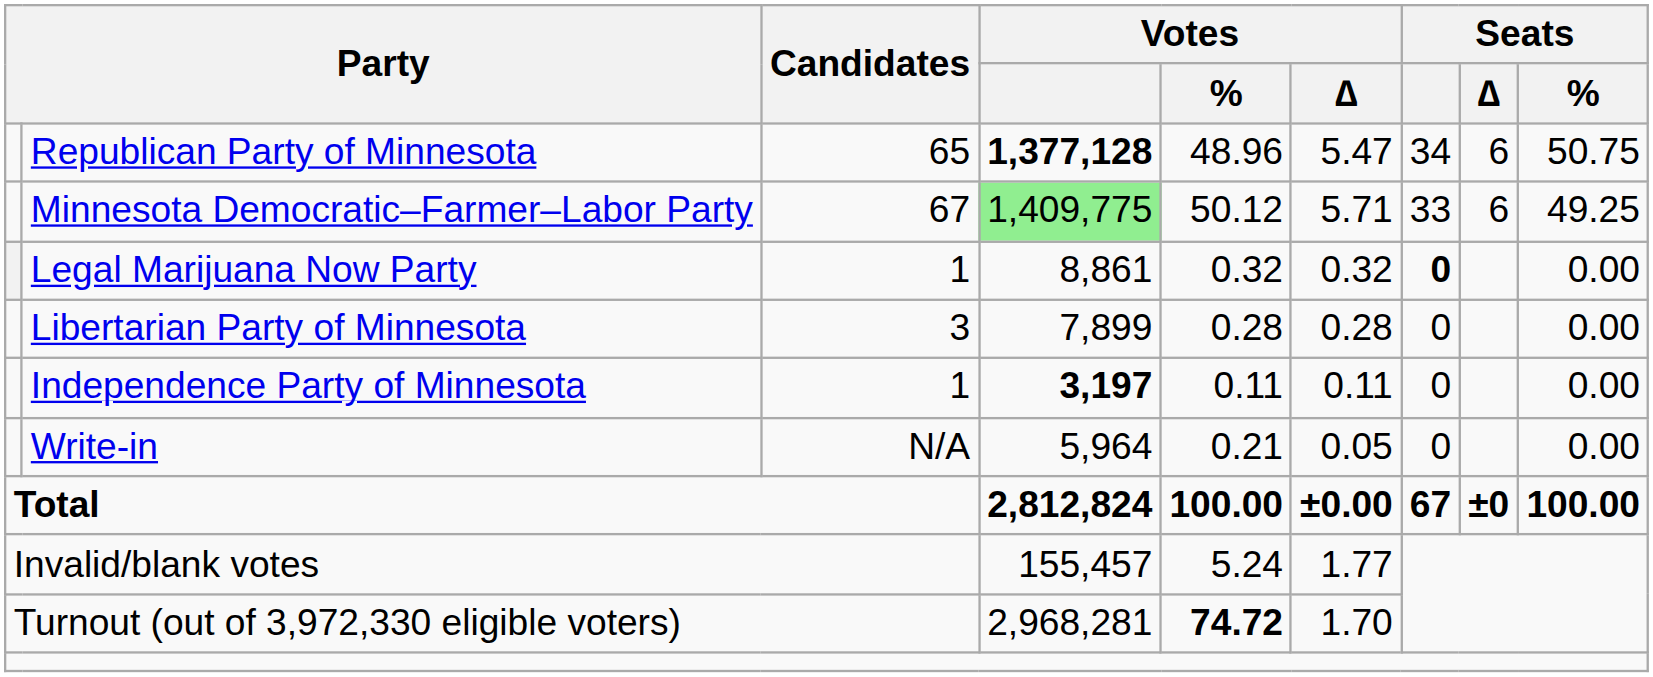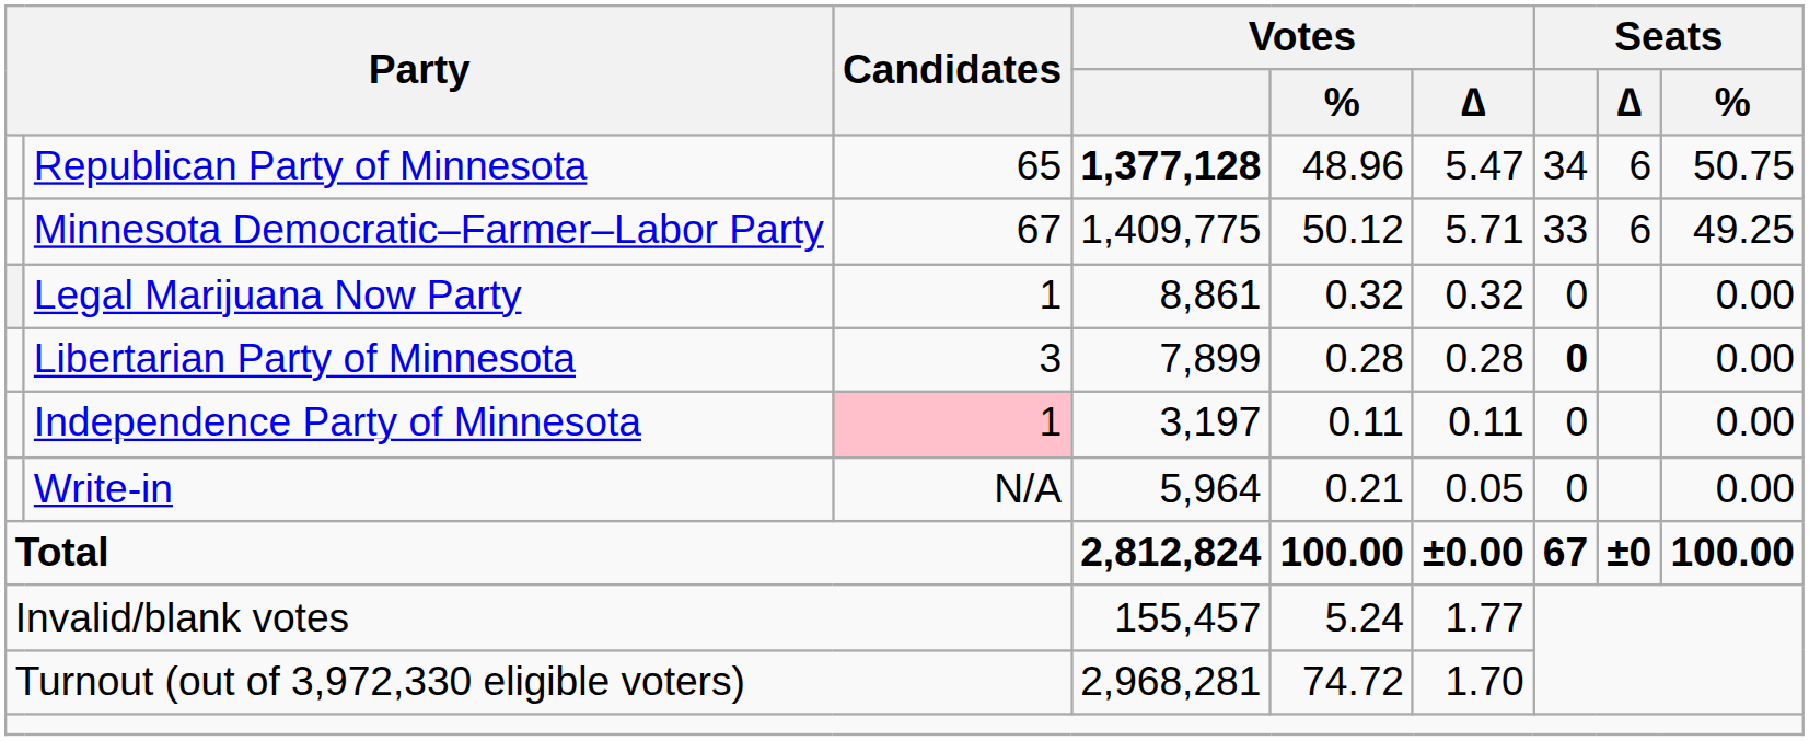 <table class="wikitable">
 <tr>
 <th colspan="2" rowspan="2">Party</th>
 <th rowspan="2">Candidates</th>
 <th colspan="3">Votes</th>
 <th colspan="3">Seats</th>
 </tr>
 <tr>
 <th></th>
 <th>%</th>
 <th>∆</th>
 <th></th>
 <th>∆</th>
 <th>%</th>
 </tr>
 <tr>
 <td style="background-color:"></td>
 <td><a href='#'>Republican Party of Minnesota</a></td>
 <td align="right">65</td>
 <td align="right"><strong>1,377,128</strong></td>
 <td align="right">48.96</td>
 <td align="right">5.47</td>
 <td align="right">34</td>
 <td align="right">6</td>
 <td align="right">50.75</td>
 </tr>
 <tr>
 <td style="background-color:"></td>
 <td><a href='#'>Minnesota Democratic–Farmer–Labor Party</a></td>
 <td align="right">67</td>
-<td align="right" style="background: lightgreen;">1,409,775</td>
+<td align="right">1,409,775</td>
 <td align="right">50.12</td>
 <td align="right">5.71</td>
 <td align="right">33</td>
 <td align="right">6</td>
 <td align="right">49.25</td>
 </tr>
 <tr>
 <th style="background-color:"></th>
 <td><a href='#'>Legal Marijuana Now Party</a></td>
 <td align="right">1</td>
 <td align="right">8,861</td>
 <td align="right">0.32</td>
 <td align="right">0.32</td>
-<td align="right"><strong>0</strong></td>
+<td align="right">0</td>
 <td align="right"></td>
 <td align="right">0.00</td>
 </tr>
 <tr>
 <td style="background-color:"></td>
 <td><a href='#'>Libertarian Party of Minnesota</a></td>
 <td align="right">3</td>
 <td align="right">7,899</td>
 <td align="right">0.28</td>
 <td align="right">0.28</td>
-<td align="right">0</td>
+<td align="right"><strong>0</strong></td>
 <td align="right"></td>
 <td align="right">0.00</td>
 </tr>
 <tr>
 <td style="background-color:"></td>
 <td><a href='#'>Independence Party of Minnesota</a></td>
-<td align="right">1</td>
-<td align="right"><strong>3,197</strong></td>
+<td align="right" style="background: pink;">1</td>
+<td align="right">3,197</td>
 <td align="right">0.11</td>
 <td align="right">0.11</td>
 <td align="right">0</td>
 <td align="right"></td>
 <td align="right">0.00</td>
 </tr>
 <tr>
 <td style="background-color:"></td>
 <td><a href='#'>Write-in</a></td>
 <td align="right">N/A</td>
 <td align="right">5,964</td>
 <td align="right">0.21</td>
 <td align="right">0.05</td>
 <td align="right">0</td>
 <td align="right"></td>
 <td align="right">0.00</td>
 </tr>
 <tr>
 <td colspan="3"><strong>Total</strong></td>
 <td align="right"><strong>2,812,824</strong></td>
 <td align="right"><strong>100.00</strong></td>
 <td align="right"><strong>±0.00</strong></td>
 <td align="right"><strong>67</strong></td>
 <td align="right"><strong>±0</strong></td>
 <td align="right"><strong>100.00</strong></td>
 </tr>
 <tr>
 <td colspan="3">Invalid/blank votes</td>
 <td align="right">155,457</td>
 <td align="right">5.24</td>
 <td align="right">1.77</td>
 <td colspan="3" rowspan="2"></td>
 </tr>
 <tr>
 <td colspan="3">Turnout (out of 3,972,330 eligible voters)</td>
 <td align="right">2,968,281</td>
-<td align="right"><strong>74.72</strong></td>
+<td align="right">74.72</td>
 <td align="right">1.70</td>
 </tr>
 <tr>
 <td colspan="9"></td>
 </tr>
 </table>
